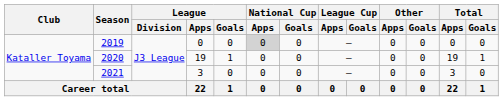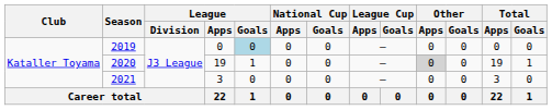 <table class="wikitable" style="text-align: center">
 <tr>
 <th rowspan="2">Club</th>
 <th rowspan="2">Season</th>
 <th colspan="3">League</th>
 <th colspan="2">National Cup</th>
 <th colspan="2">League Cup</th>
 <th colspan="2">Other</th>
 <th colspan="2">Total</th>
 </tr>
 <tr>
 <th>Division</th>
 <th>Apps</th>
 <th>Goals</th>
 <th>Apps</th>
 <th>Goals</th>
 <th>Apps</th>
 <th>Goals</th>
 <th>Apps</th>
 <th>Goals</th>
 <th>Apps</th>
 <th>Goals</th>
 </tr>
 <tr>
 <td rowspan="3"><a href='#'>Kataller Toyama</a></td>
 <td><a href='#'>2019</a></td>
 <td rowspan="3"><a href='#'>J3 League</a></td>
 <td>0</td>
+<td style="background: lightblue;">0</td>
 <td>0</td>
-<td style="background: lightgrey;">0</td>
 <td>0</td>
 <td colspan="2">–</td>
 <td>0</td>
 <td>0</td>
 <td>0</td>
 <td>0</td>
 </tr>
 <tr>
 <td><a href='#'>2020</a></td>
 <td>19</td>
 <td>1</td>
 <td>0</td>
 <td>0</td>
 <td colspan="2">–</td>
-<td>0</td>
+<td style="background: lightgrey;">0</td>
 <td>0</td>
 <td>19</td>
 <td>1</td>
 </tr>
 <tr>
 <td><a href='#'>2021</a></td>
 <td>3</td>
 <td>0</td>
 <td>0</td>
 <td>0</td>
 <td colspan="2">–</td>
 <td>0</td>
 <td>0</td>
 <td>3</td>
 <td>0</td>
 </tr>
 <tr>
 <th colspan=3>Career total</th>
 <th>22</th>
 <th>1</th>
 <th>0</th>
 <th>0</th>
 <th>0</th>
 <th>0</th>
 <th>0</th>
 <th>0</th>
 <th>22</th>
 <th>1</th>
 </tr>
 </table>
